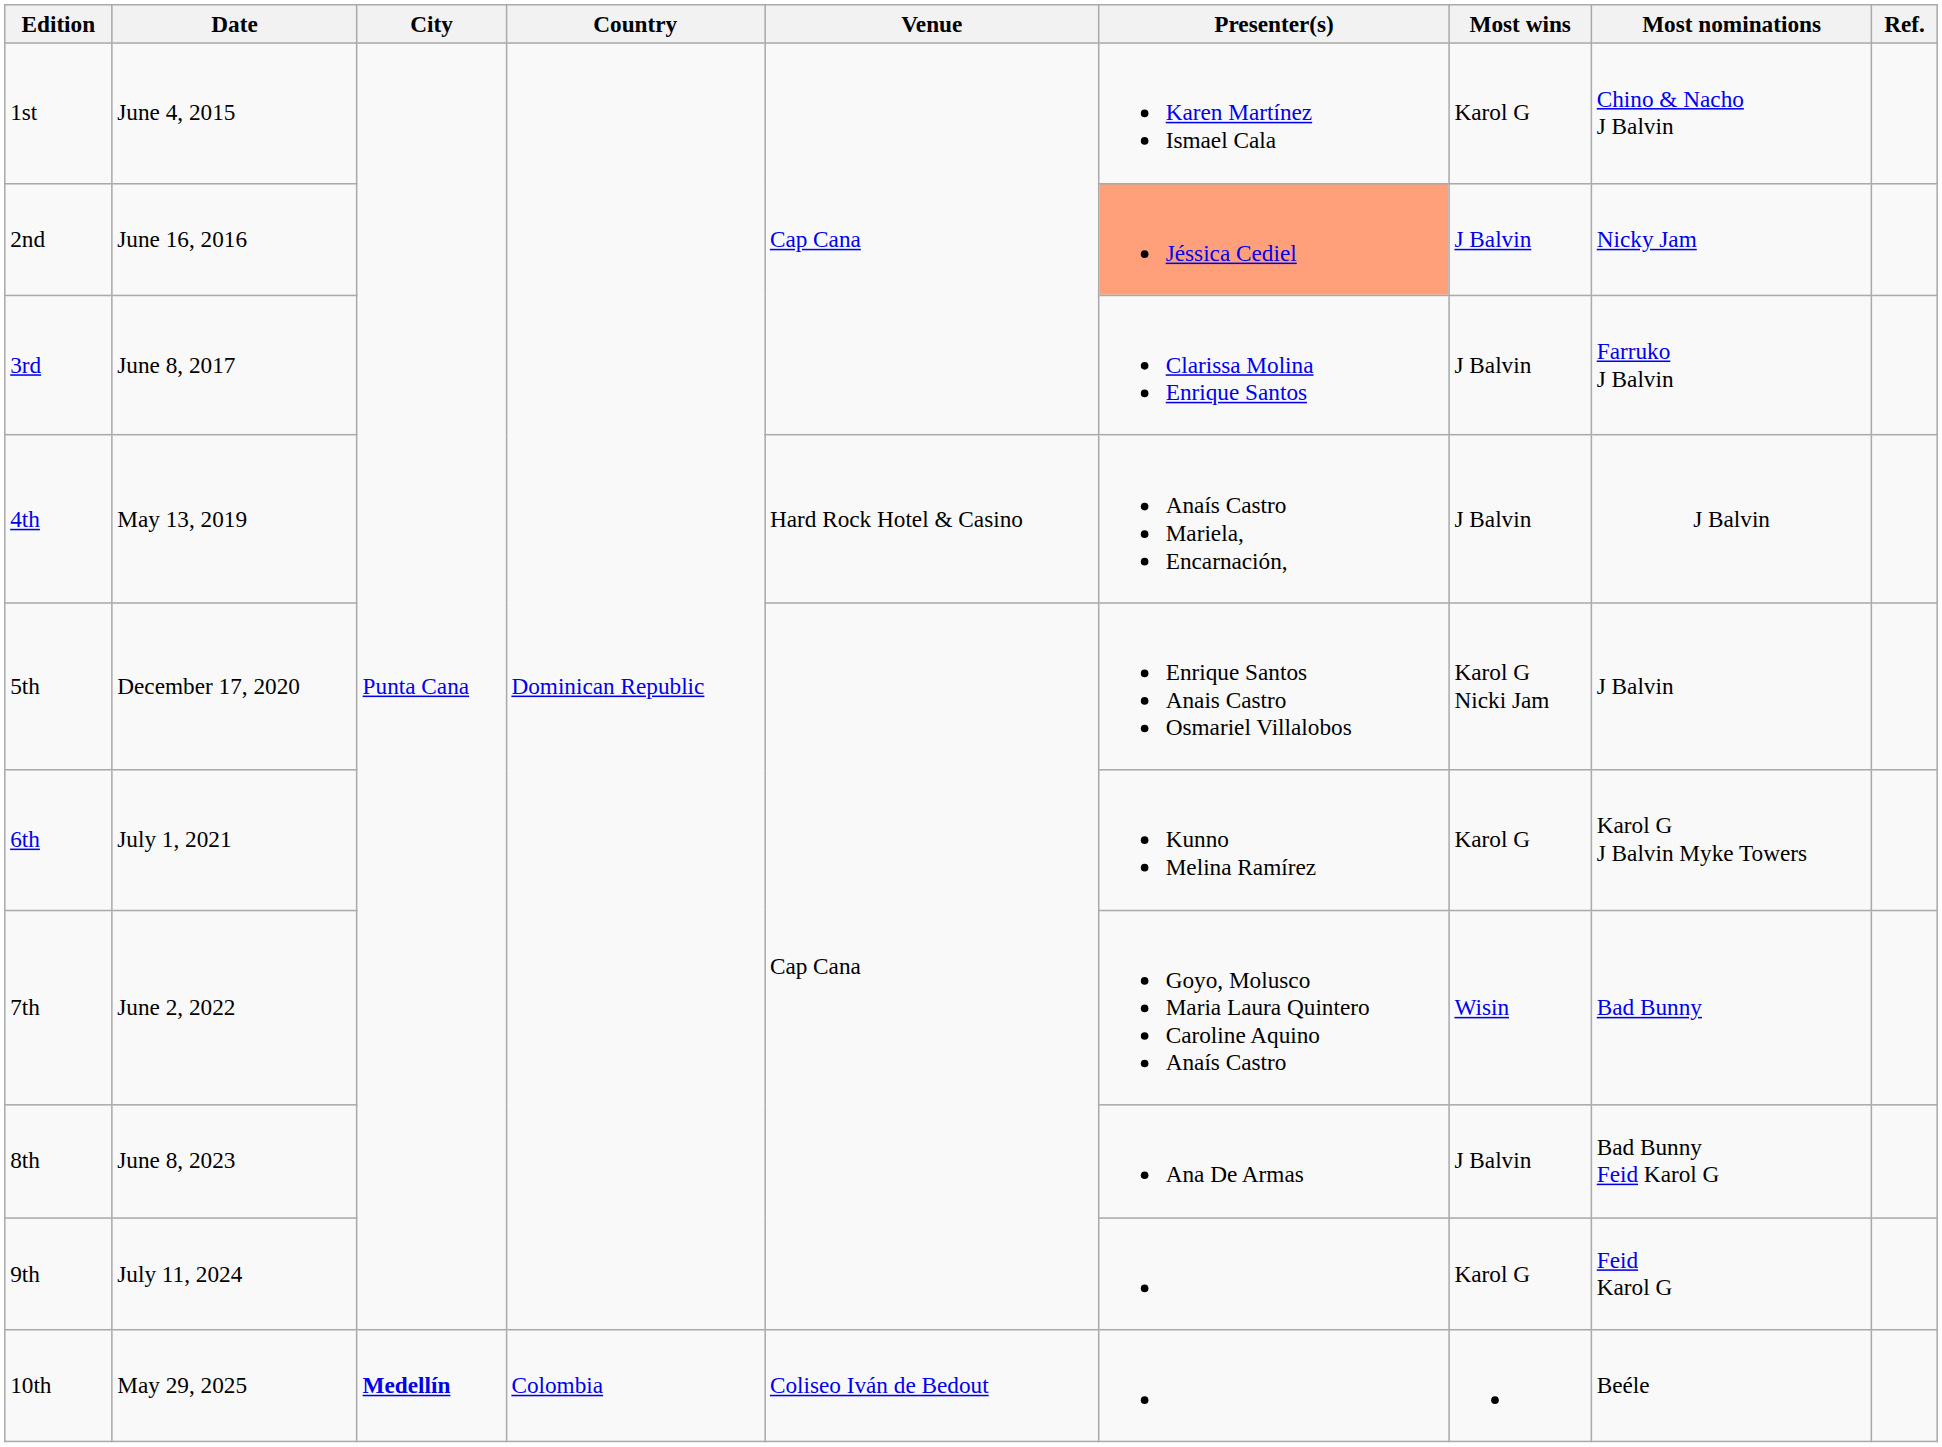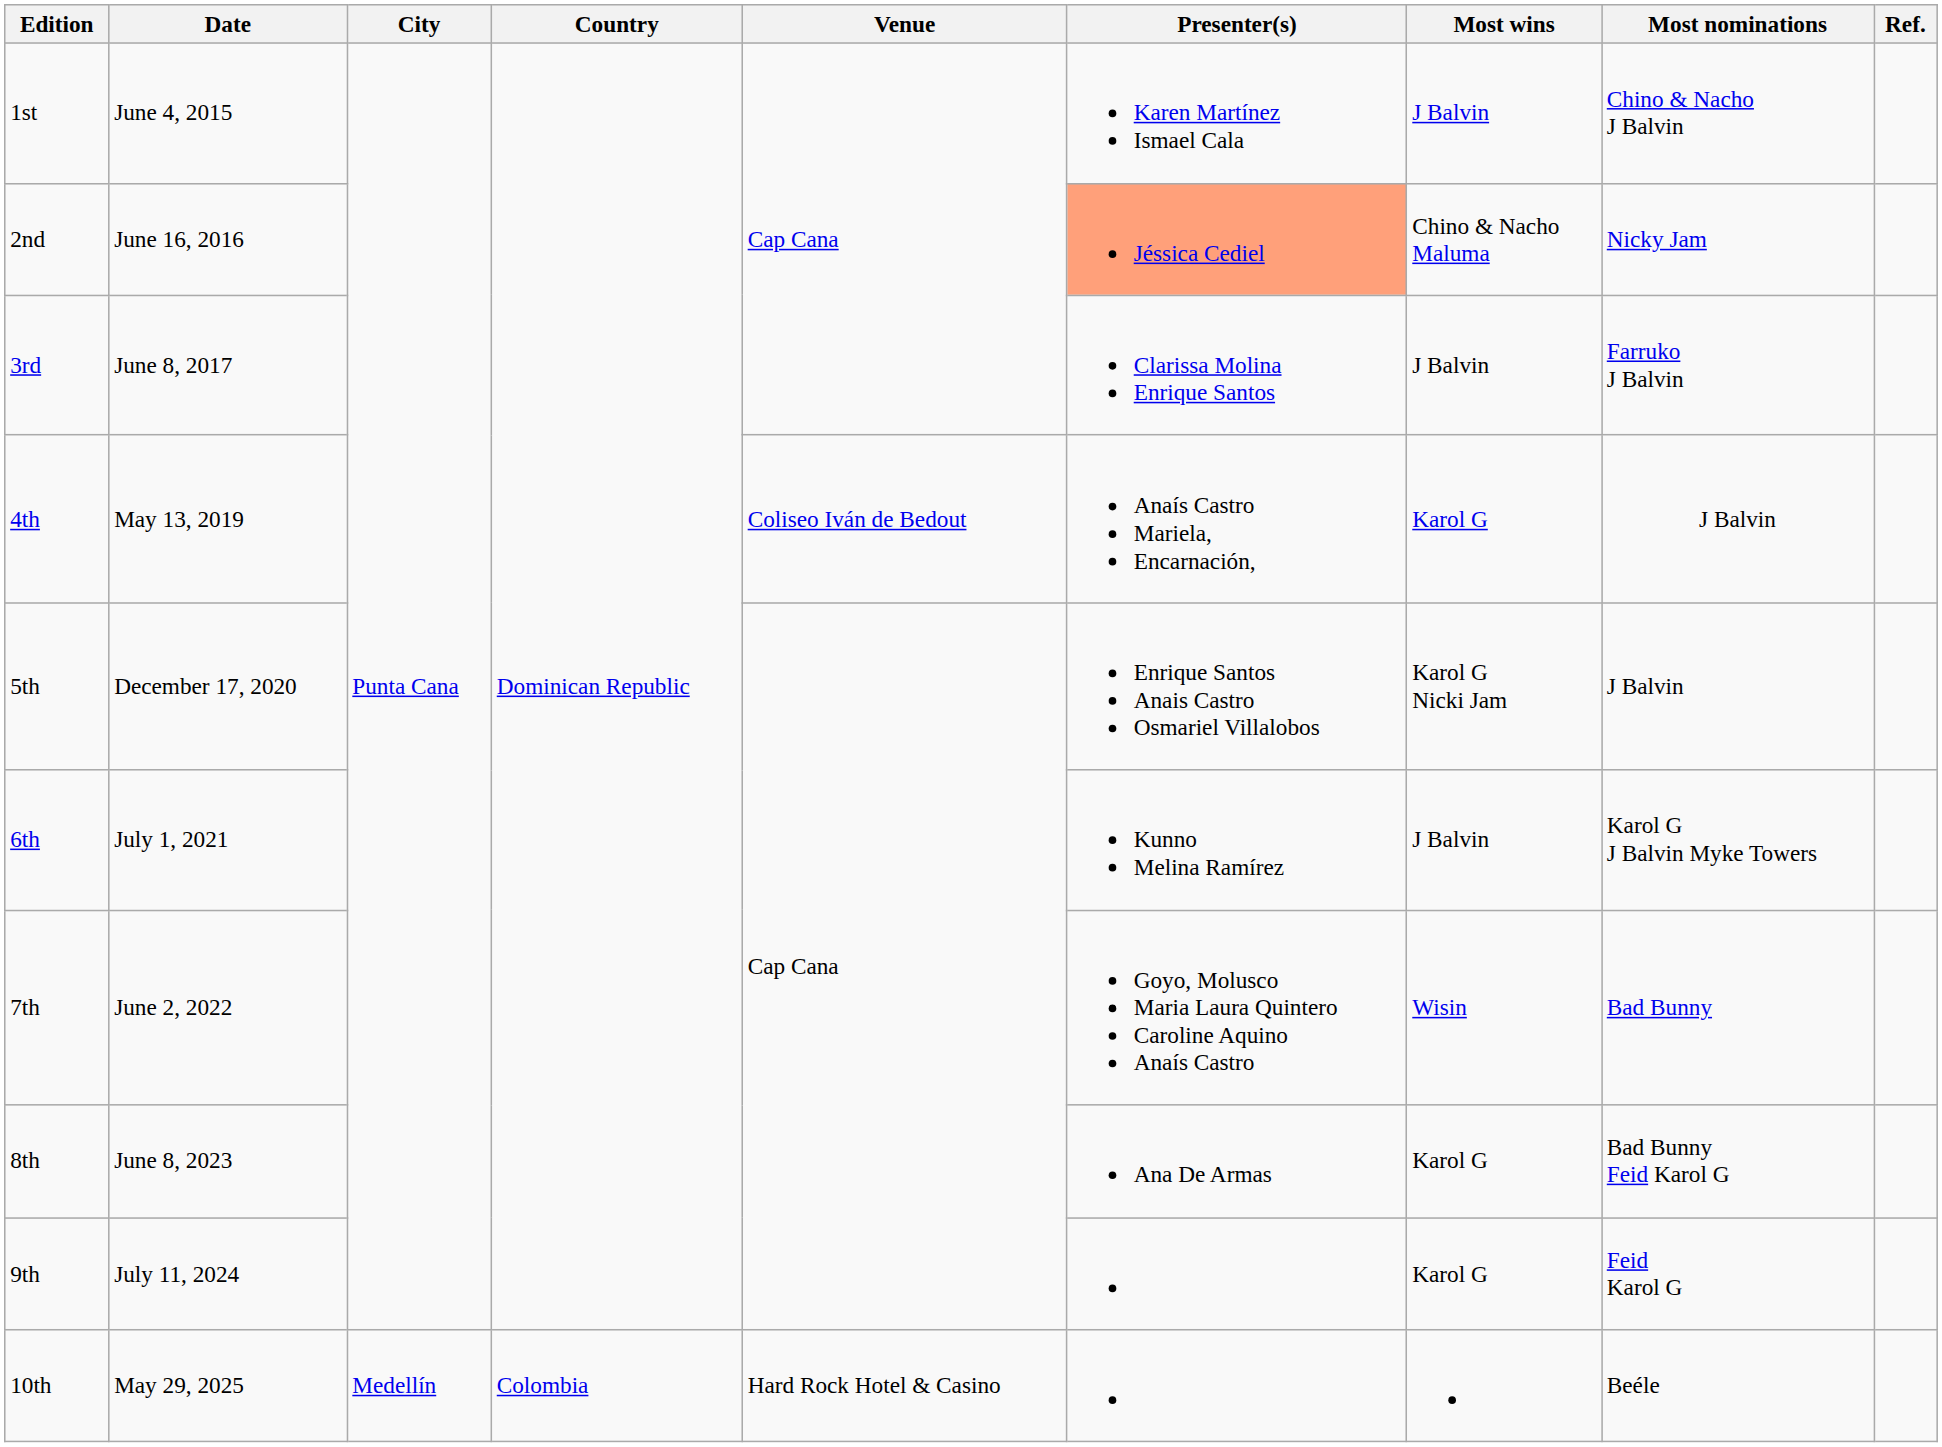 <table class="wikitable" style="font-size:95%; width:100%;">
 <tr>
 <th>Edition</th>
 <th>Date</th>
 <th>City</th>
 <th>Country</th>
 <th>Venue</th>
 <th>Presenter(s)</th>
 <th>Most wins</th>
 <th>Most nominations</th>
 <th>Ref.</th>
 </tr>
 <tr>
 <td>1st</td>
 <td>June 4, 2015</td>
 <td rowspan="9"><a href='#'>Punta Cana</a></td>
 <td rowspan="9"><a href='#'>Dominican Republic</a></td>
 <td rowspan="3"><a href='#'>Cap Cana</a></td>
 <td><br><ul><li><a href='#'>Karen Martínez</a></li><li>Ismael Cala</li></ul></td>
-<td>Karol G </td>
+<td><a href='#'>J Balvin</a> </td>
 <td><a href='#'>Chino & Nacho</a> <br>J Balvin </td>
 <td style="text-align:center;"></td>
 </tr>
 <tr>
 <td>2nd</td>
 <td>June 16, 2016</td>
 <td style="background: lightsalmon;"><br><ul><li><a href='#'>Jéssica Cediel</a></li></ul></td>
-<td><a href='#'>J Balvin</a> </td>
+<td>Chino & Nacho <br><a href='#'>Maluma</a> </td>
 <td><a href='#'>Nicky Jam</a> </td>
 <td style="text-align:center;"></td>
 </tr>
 <tr>
 <td><a href='#'>3rd</a></td>
 <td>June 8, 2017</td>
 <td><br><ul><li><a href='#'>Clarissa Molina</a></li><li><a href='#'>Enrique Santos</a></li></ul></td>
 <td>J Balvin </td>
 <td><a href='#'>Farruko</a> <br>J Balvin </td>
 <td style="text-align:center;"></td>
 </tr>
 <tr>
 <td><a href='#'>4th</a></td>
 <td>May 13, 2019</td>
-<td>Hard Rock Hotel & Casino</td>
+<td rowspan="1"><a href='#'>Coliseo Iván de Bedout</a></td>
 <td><br><ul><li>Anaís Castro</li><li>Mariela,</li><li>Encarnación,</li></ul></td>
-<td>J Balvin </td>
+<td><a href='#'>Karol G</a> </td>
 <td style="text-align:center;">J Balvin </td>
 <td></td>
 </tr>
 <tr>
 <td>5th</td>
 <td>December 17, 2020</td>
 <td rowspan="5">Cap Cana</td>
 <td><br><ul><li>Enrique Santos</li><li>Anais Castro</li><li>Osmariel Villalobos</li></ul></td>
 <td>Karol G <br>Nicki Jam </td>
 <td>J Balvin </td>
 <td></td>
 </tr>
 <tr>
 <td><a href='#'>6th</a></td>
 <td>July 1, 2021</td>
 <td><br><ul><li>Kunno</li><li>Melina Ramírez</li></ul></td>
-<td>Karol G </td>
+<td>J Balvin </td>
 <td>Karol G <br>J Balvin Myke Towers </td>
 <td></td>
 </tr>
 <tr>
 <td>7th</td>
 <td>June 2, 2022</td>
 <td><br><ul><li>Goyo, Molusco</li><li>Maria Laura Quintero</li><li>Caroline Aquino</li><li>Anaís Castro</li></ul></td>
 <td><a href='#'>Wisin</a> </td>
 <td><a href='#'>Bad Bunny</a> </td>
 <td></td>
 </tr>
 <tr>
 <td>8th</td>
 <td>June 8, 2023</td>
 <td><br><ul><li>Ana De Armas</li></ul></td>
-<td>J Balvin </td>
+<td>Karol G </td>
 <td>Bad Bunny <br><a href='#'>Feid</a>  Karol G </td>
 <td></td>
 </tr>
 <tr>
 <td>9th</td>
 <td>July 11, 2024</td>
 <td><br><ul><li></li></ul></td>
 <td>Karol G </td>
 <td><a href='#'>Feid</a> <br>Karol G </td>
 <td></td>
 </tr>
 <tr>
 <td>10th</td>
 <td>May 29, 2025</td>
-<td rowspan="1"><strong><a href='#'>Medellín</a></strong></td>
+<td rowspan="1"><a href='#'>Medellín</a></td>
 <td rowspan="1"><a href='#'>Colombia</a></td>
-<td rowspan="1"><a href='#'>Coliseo Iván de Bedout</a></td>
+<td>Hard Rock Hotel & Casino</td>
 <td><br><ul><li></li></ul></td>
 <td><br><ul><li></li></ul></td>
 <td>Beéle </td>
 <td></td>
 </tr>
 </table>
